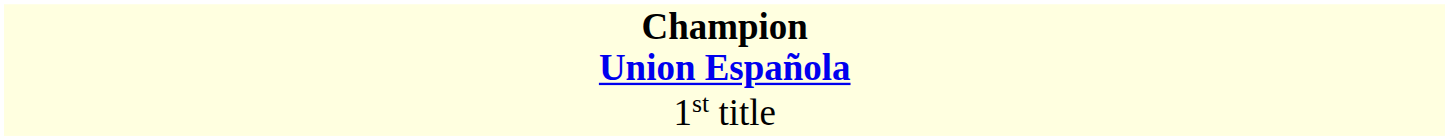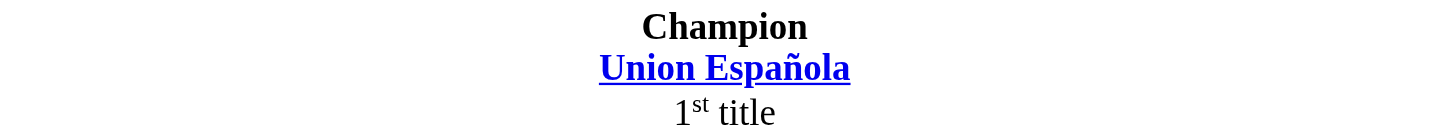 <table cellspacing=0 width=100%>
 <tr align=center>
 <td></td>
 </tr>
 <tr align=center>
 <td></td>
 </tr>
 <tr align=center>
-<td style="background: lightyellow;"><strong>Champion</strong><br><strong><a href='#'>Union Española</a></strong><br>1<small><sup>st</sup></small> title</td>
+<td><strong>Champion</strong><br><strong><a href='#'>Union Española</a></strong><br>1<small><sup>st</sup></small> title</td>
 </tr>
 </table>
